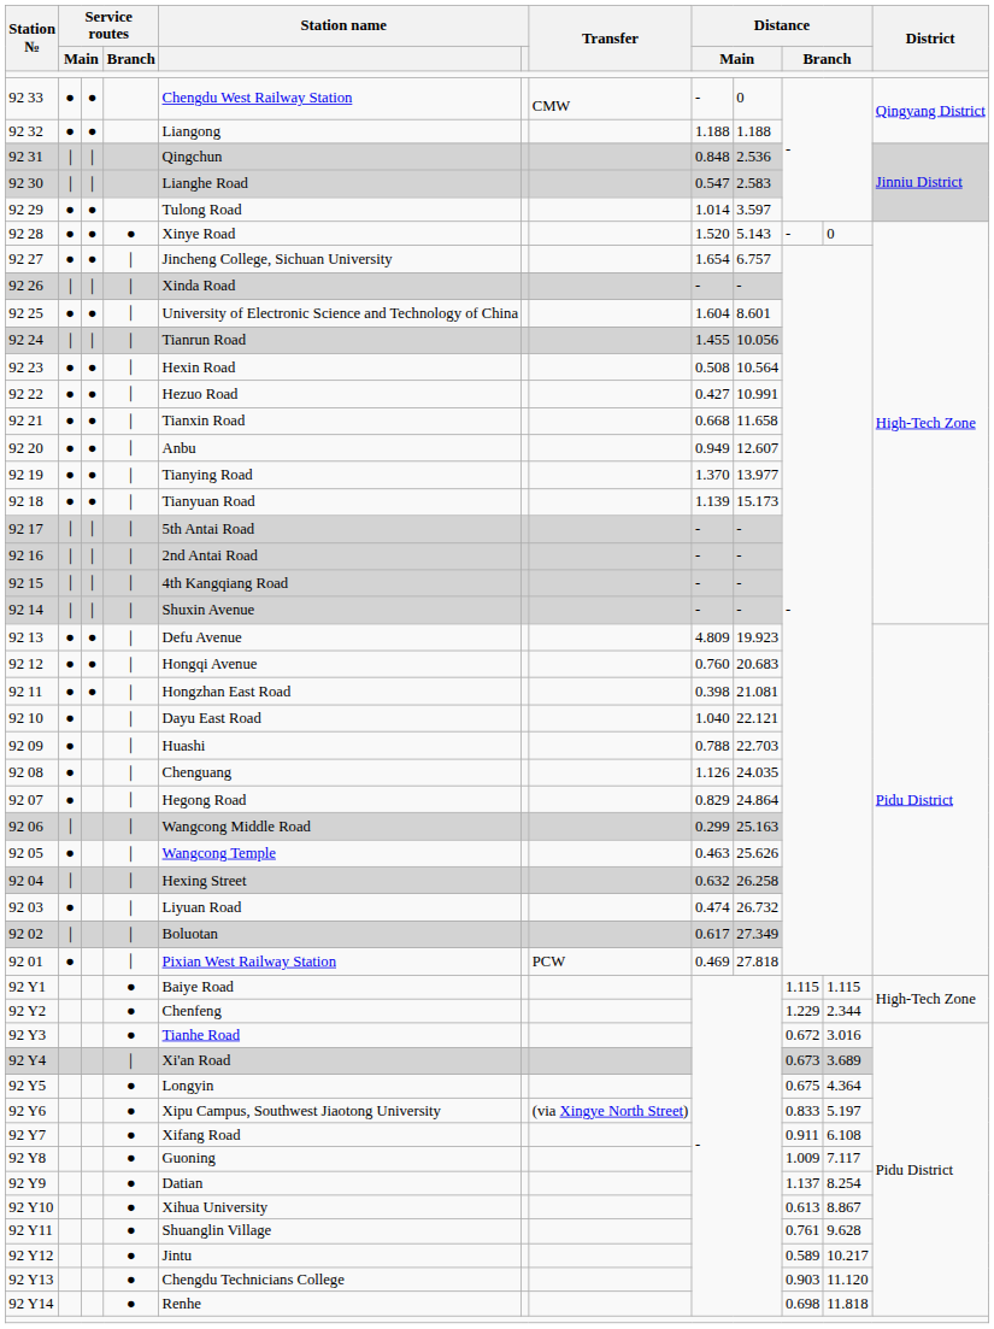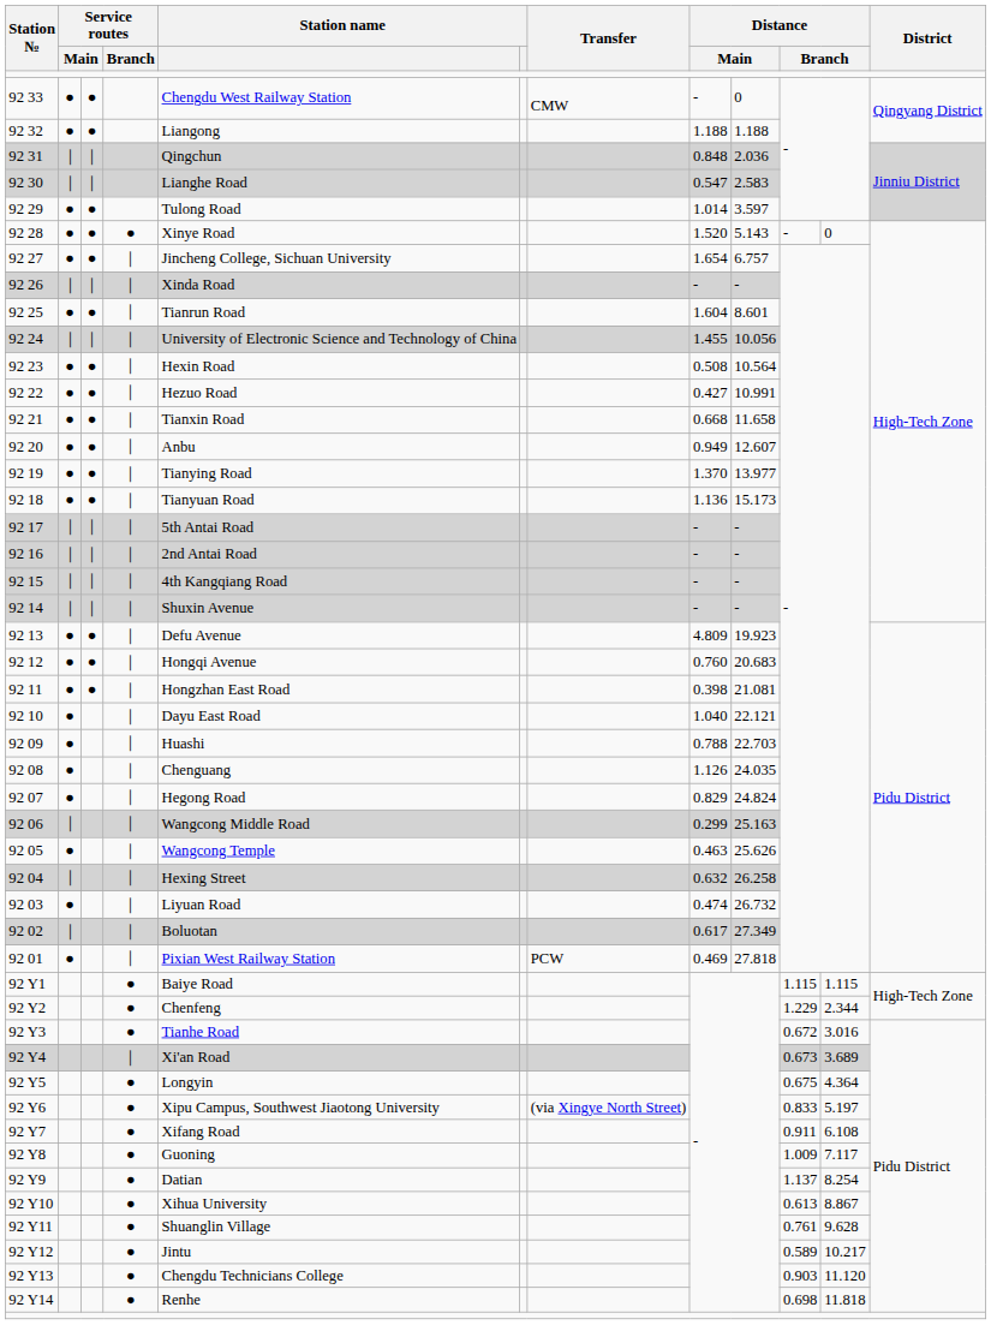 <table class="wikitable">
 <tr>
 <th rowspan="2">Station<br>№</th>
 <th colspan="3">Service<br>routes</th>
 <th colspan="2">Station name</th>
 <th rowspan="2">Transfer</th>
 <th colspan="4">Distance<br></th>
 <th rowspan="2">District</th>
 </tr>
 <tr>
 <th colspan="2">Main</th>
 <th>Branch</th>
 <th></th>
 <th></th>
 <th colspan="2">Main</th>
 <th colspan="2">Branch</th>
 </tr>
 <tr style="background:#">
 <td colspan="12"></td>
 </tr>
 <tr>
 <td>92 33</td>
 <td align="center">●</td>
 <td align="center">●</td>
 <td></td>
 <td><a href='#'>Chengdu West Railway Station</a></td>
 <td></td>
 <td> <br> CMW</td>
 <td>-</td>
 <td>0</td>
 <td colspan="2" rowspan="5">-</td>
 <td rowspan="2"><a href='#'>Qingyang District</a></td>
 </tr>
 <tr>
 <td>92 32</td>
 <td align="center">●</td>
 <td align="center">●</td>
 <td></td>
 <td>Liangong</td>
 <td></td>
 <td></td>
 <td>1.188</td>
 <td>1.188</td>
 </tr>
 <tr bgcolor="lightgrey">
 <td>92 31</td>
 <td align="center">｜</td>
 <td align="center">｜</td>
 <td></td>
 <td>Qingchun</td>
 <td></td>
 <td></td>
 <td>0.848</td>
-<td>2.536</td>
+<td>2.036</td>
 <td rowspan="3"><a href='#'>Jinniu District</a></td>
 </tr>
 <tr bgcolor="lightgrey">
 <td>92 30</td>
 <td align="center">｜</td>
 <td align="center">｜</td>
 <td></td>
 <td>Lianghe Road</td>
 <td></td>
 <td></td>
 <td>0.547</td>
 <td>2.583</td>
 </tr>
 <tr>
 <td>92 29</td>
 <td align="center">●</td>
 <td align="center">●</td>
 <td></td>
 <td>Tulong Road</td>
 <td></td>
 <td></td>
 <td>1.014</td>
 <td>3.597</td>
 </tr>
 <tr>
 <td>92 28</td>
 <td align="center">●</td>
 <td align="center">●</td>
 <td align="center">●</td>
 <td>Xinye Road</td>
 <td></td>
 <td></td>
 <td>1.520</td>
 <td>5.143</td>
 <td>-</td>
 <td>0</td>
 <td rowspan="15"><a href='#'>High-Tech Zone</a></td>
 </tr>
 <tr>
 <td>92 27</td>
 <td align="center">●</td>
 <td align="center">●</td>
 <td align="center">｜</td>
 <td>Jincheng College, Sichuan University</td>
 <td></td>
 <td></td>
 <td>1.654</td>
 <td>6.757</td>
 <td colspan="2" rowspan="27">-</td>
 </tr>
 <tr bgcolor="lightgrey">
 <td>92 26</td>
 <td align="center">｜</td>
 <td align="center">｜</td>
 <td align="center">｜</td>
 <td>Xinda Road</td>
 <td></td>
 <td></td>
 <td>-</td>
 <td>-</td>
 </tr>
 <tr>
 <td>92 25</td>
 <td align="center">●</td>
 <td align="center">●</td>
 <td align="center">｜</td>
-<td>University of Electronic Science and Technology of China</td>
+<td>Tianrun Road</td>
 <td></td>
 <td></td>
 <td>1.604</td>
 <td>8.601</td>
 </tr>
 <tr bgcolor="lightgrey">
 <td>92 24</td>
 <td align="center">｜</td>
 <td align="center">｜</td>
 <td align="center">｜</td>
-<td>Tianrun Road</td>
+<td>University of Electronic Science and Technology of China</td>
 <td></td>
 <td></td>
 <td>1.455</td>
 <td>10.056</td>
 </tr>
 <tr>
 <td>92 23</td>
 <td align="center">●</td>
 <td align="center">●</td>
 <td align="center">｜</td>
 <td>Hexin Road</td>
 <td></td>
 <td></td>
 <td>0.508</td>
 <td>10.564</td>
 </tr>
 <tr>
 <td>92 22</td>
 <td align="center">●</td>
 <td align="center">●</td>
 <td align="center">｜</td>
 <td>Hezuo Road</td>
 <td></td>
 <td></td>
 <td>0.427</td>
 <td>10.991</td>
 </tr>
 <tr>
 <td>92 21</td>
 <td align="center">●</td>
 <td align="center">●</td>
 <td align="center">｜</td>
 <td>Tianxin Road</td>
 <td></td>
 <td></td>
 <td>0.668</td>
 <td>11.658</td>
 </tr>
 <tr>
 <td>92 20</td>
 <td align="center">●</td>
 <td align="center">●</td>
 <td align="center">｜</td>
 <td>Anbu</td>
 <td></td>
 <td></td>
 <td>0.949</td>
 <td>12.607</td>
 </tr>
 <tr>
 <td>92 19</td>
 <td align="center">●</td>
 <td align="center">●</td>
 <td align="center">｜</td>
 <td>Tianying Road</td>
 <td></td>
 <td></td>
 <td>1.370</td>
 <td>13.977</td>
 </tr>
 <tr>
 <td>92 18</td>
 <td align="center">●</td>
 <td align="center">●</td>
 <td align="center">｜</td>
 <td>Tianyuan Road</td>
 <td></td>
 <td></td>
-<td>1.139</td>
+<td>1.136</td>
 <td>15.173</td>
 </tr>
 <tr bgcolor="lightgrey">
 <td>92 17</td>
 <td align="center">｜</td>
 <td align="center">｜</td>
 <td align="center">｜</td>
 <td>5th Antai Road</td>
 <td></td>
 <td></td>
 <td>-</td>
 <td>-</td>
 </tr>
 <tr bgcolor="lightgrey">
 <td>92 16</td>
 <td align="center">｜</td>
 <td align="center">｜</td>
 <td align="center">｜</td>
 <td>2nd Antai Road</td>
 <td></td>
 <td></td>
 <td>-</td>
 <td>-</td>
 </tr>
 <tr bgcolor="lightgrey">
 <td>92 15</td>
 <td align="center">｜</td>
 <td align="center">｜</td>
 <td align="center">｜</td>
 <td>4th Kangqiang Road</td>
 <td></td>
 <td></td>
 <td>-</td>
 <td>-</td>
 </tr>
 <tr bgcolor="lightgrey">
 <td>92 14</td>
 <td align="center">｜</td>
 <td align="center">｜</td>
 <td align="center">｜</td>
 <td>Shuxin Avenue</td>
 <td></td>
 <td></td>
 <td>-</td>
 <td>-</td>
 </tr>
 <tr>
 <td>92 13</td>
 <td align="center">●</td>
 <td align="center">●</td>
 <td align="center">｜</td>
 <td>Defu Avenue</td>
 <td></td>
 <td></td>
 <td>4.809</td>
 <td>19.923</td>
 <td rowspan="13"><a href='#'>Pidu District</a></td>
 </tr>
 <tr>
 <td>92 12</td>
 <td align="center">●</td>
 <td align="center">●</td>
 <td align="center">｜</td>
 <td>Hongqi Avenue</td>
 <td></td>
 <td></td>
 <td>0.760</td>
 <td>20.683</td>
 </tr>
 <tr>
 <td>92 11</td>
 <td align="center">●</td>
 <td align="center">●</td>
 <td align="center">｜</td>
 <td>Hongzhan East Road</td>
 <td></td>
 <td></td>
 <td>0.398</td>
 <td>21.081</td>
 </tr>
 <tr>
 <td>92 10</td>
 <td align="center">●</td>
 <td></td>
 <td align="center">｜</td>
 <td>Dayu East Road</td>
 <td></td>
 <td></td>
 <td>1.040</td>
 <td>22.121</td>
 </tr>
 <tr>
 <td>92 09</td>
 <td align="center">●</td>
 <td></td>
 <td align="center">｜</td>
 <td>Huashi</td>
 <td></td>
 <td></td>
 <td>0.788</td>
 <td>22.703</td>
 </tr>
 <tr>
 <td>92 08</td>
 <td align="center">●</td>
 <td></td>
 <td align="center">｜</td>
 <td>Chenguang</td>
 <td></td>
 <td></td>
 <td>1.126</td>
 <td>24.035</td>
 </tr>
 <tr>
 <td>92 07</td>
 <td align="center">●</td>
 <td></td>
 <td align="center">｜</td>
 <td>Hegong Road</td>
 <td></td>
 <td></td>
 <td>0.829</td>
-<td>24.864</td>
+<td>24.824</td>
 </tr>
 <tr bgcolor="lightgrey">
 <td>92 06</td>
 <td align="center">｜</td>
 <td></td>
 <td align="center">｜</td>
 <td>Wangcong Middle Road</td>
 <td></td>
 <td></td>
 <td>0.299</td>
 <td>25.163</td>
 </tr>
 <tr>
 <td>92 05</td>
 <td align="center">●</td>
 <td></td>
 <td align="center">｜</td>
 <td><a href='#'>Wangcong Temple</a></td>
 <td></td>
 <td></td>
 <td>0.463</td>
 <td>25.626</td>
 </tr>
 <tr bgcolor="lightgrey">
 <td>92 04</td>
 <td align="center">｜</td>
 <td></td>
 <td align="center">｜</td>
 <td>Hexing Street</td>
 <td></td>
 <td></td>
 <td>0.632</td>
 <td>26.258</td>
 </tr>
 <tr>
 <td>92 03</td>
 <td align="center">●</td>
 <td></td>
 <td align="center">｜</td>
 <td>Liyuan Road</td>
 <td></td>
 <td></td>
 <td>0.474</td>
 <td>26.732</td>
 </tr>
 <tr bgcolor="lightgrey">
 <td>92 02</td>
 <td align="center">｜</td>
 <td></td>
 <td align="center">｜</td>
 <td>Boluotan</td>
 <td></td>
 <td></td>
 <td>0.617</td>
 <td>27.349</td>
 </tr>
 <tr>
 <td>92 01</td>
 <td align="center">●</td>
 <td></td>
 <td align="center">｜</td>
 <td><a href='#'>Pixian West Railway Station</a></td>
 <td></td>
 <td> PCW</td>
 <td>0.469</td>
 <td>27.818</td>
 </tr>
 <tr>
 <td>92 Y1</td>
 <td></td>
 <td></td>
 <td align="center">●</td>
 <td>Baiye Road</td>
 <td></td>
 <td></td>
 <td colspan="2" rowspan="14">-</td>
 <td>1.115</td>
 <td>1.115</td>
 <td rowspan="2">High-Tech Zone</td>
 </tr>
 <tr>
 <td>92 Y2</td>
 <td></td>
 <td></td>
 <td align="center">●</td>
 <td>Chenfeng</td>
 <td></td>
 <td></td>
 <td>1.229</td>
 <td>2.344</td>
 </tr>
 <tr>
 <td>92 Y3</td>
 <td></td>
 <td></td>
 <td align="center">●</td>
 <td><a href='#'>Tianhe Road</a></td>
 <td></td>
 <td></td>
 <td>0.672</td>
 <td>3.016</td>
 <td rowspan="12">Pidu District</td>
 </tr>
 <tr bgcolor="lightgrey">
 <td>92 Y4</td>
 <td></td>
 <td></td>
 <td align="center">｜</td>
 <td>Xi'an Road</td>
 <td></td>
 <td></td>
 <td>0.673</td>
 <td>3.689</td>
 </tr>
 <tr>
 <td>92 Y5</td>
 <td></td>
 <td></td>
 <td align="center">●</td>
 <td>Longyin</td>
 <td></td>
 <td></td>
 <td>0.675</td>
 <td>4.364</td>
 </tr>
 <tr>
 <td>92 Y6</td>
 <td></td>
 <td></td>
 <td align="center">●</td>
 <td>Xipu Campus, Southwest Jiaotong University</td>
 <td></td>
 <td>(via <a href='#'>Xingye North Street</a>)</td>
 <td>0.833</td>
 <td>5.197</td>
 </tr>
 <tr>
 <td>92 Y7</td>
 <td></td>
 <td></td>
 <td align="center">●</td>
 <td>Xifang Road</td>
 <td></td>
 <td></td>
 <td>0.911</td>
 <td>6.108</td>
 </tr>
 <tr>
 <td>92 Y8</td>
 <td></td>
 <td></td>
 <td align="center">●</td>
 <td>Guoning</td>
 <td></td>
 <td></td>
 <td>1.009</td>
 <td>7.117</td>
 </tr>
 <tr>
 <td>92 Y9</td>
 <td></td>
 <td></td>
 <td align="center">●</td>
 <td>Datian</td>
 <td></td>
 <td></td>
 <td>1.137</td>
 <td>8.254</td>
 </tr>
 <tr>
 <td>92 Y10</td>
 <td></td>
 <td></td>
 <td align="center">●</td>
 <td>Xihua University</td>
 <td></td>
 <td></td>
 <td>0.613</td>
 <td>8.867</td>
 </tr>
 <tr>
 <td>92 Y11</td>
 <td></td>
 <td></td>
 <td align="center">●</td>
 <td>Shuanglin Village</td>
 <td></td>
 <td></td>
 <td>0.761</td>
 <td>9.628</td>
 </tr>
 <tr>
 <td>92 Y12</td>
 <td></td>
 <td></td>
 <td align="center">●</td>
 <td>Jintu</td>
 <td></td>
 <td></td>
 <td>0.589</td>
 <td>10.217</td>
 </tr>
 <tr>
 <td>92 Y13</td>
 <td></td>
 <td></td>
 <td align="center">●</td>
 <td>Chengdu Technicians College</td>
 <td></td>
 <td></td>
 <td>0.903</td>
 <td>11.120</td>
 </tr>
 <tr>
 <td>92 Y14</td>
 <td></td>
 <td></td>
 <td align="center">●</td>
 <td>Renhe</td>
 <td></td>
 <td></td>
 <td>0.698</td>
 <td>11.818</td>
 </tr>
 <tr style="background:#">
 <td colspan="12"></td>
 </tr>
 </table>
